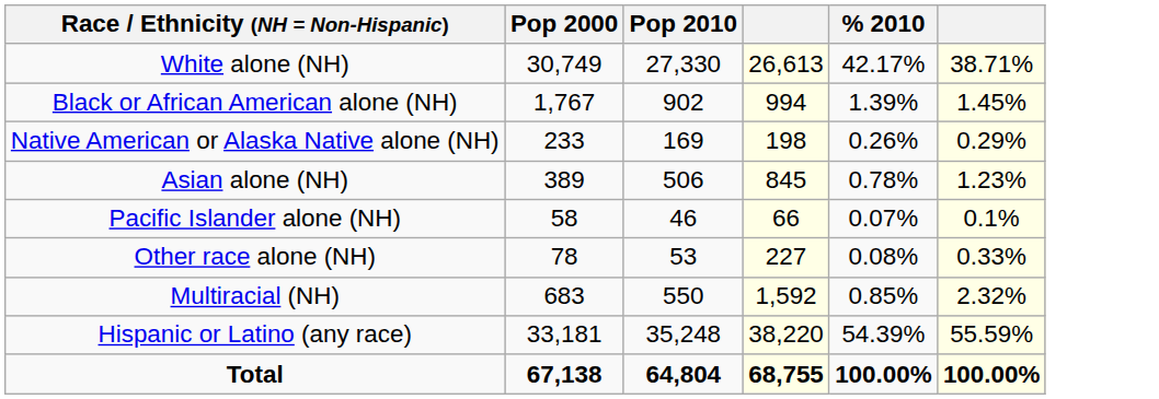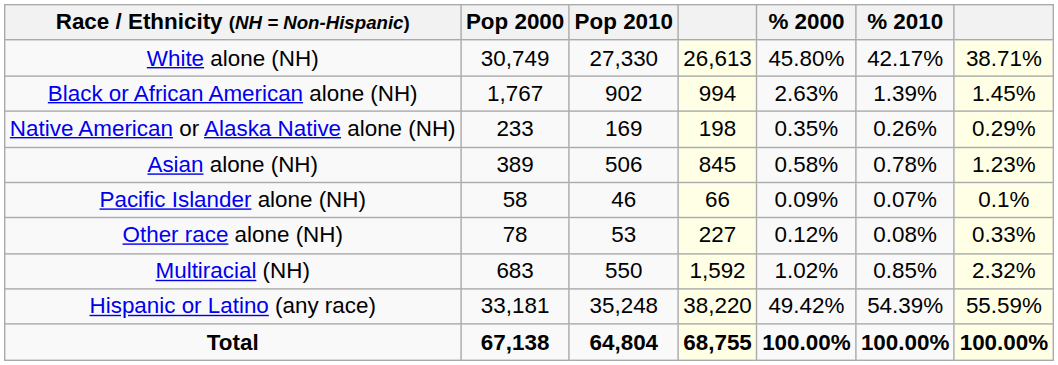 <table class="wikitable" style="text-align:center;">
 <tr>
 <th>Race / Ethnicity <small>(<em>NH = Non-Hispanic</em>)</small></th>
 <th>Pop 2000</th>
 <th>Pop 2010</th>
 <th></th>
+<th>% 2000</th>
 <th>% 2010</th>
 <th></th>
 </tr>
 <tr>
 <td><a href='#'>White</a> alone (NH)</td>
 <td>30,749</td>
 <td>27,330</td>
 <td style='background: #ffffe6;'>26,613</td>
+<td>45.80%</td>
 <td>42.17%</td>
 <td style='background: #ffffe6;'>38.71%</td>
 </tr>
 <tr>
 <td><a href='#'>Black or African American</a> alone (NH)</td>
 <td>1,767</td>
 <td>902</td>
 <td style='background: #ffffe6;'>994</td>
+<td>2.63%</td>
 <td>1.39%</td>
 <td style='background: #ffffe6;'>1.45%</td>
 </tr>
 <tr>
 <td><a href='#'>Native American</a> or <a href='#'>Alaska Native</a> alone (NH)</td>
 <td>233</td>
 <td>169</td>
 <td style='background: #ffffe6;'>198</td>
+<td>0.35%</td>
 <td>0.26%</td>
 <td style='background: #ffffe6;'>0.29%</td>
 </tr>
 <tr>
 <td><a href='#'>Asian</a> alone (NH)</td>
 <td>389</td>
 <td>506</td>
 <td style='background: #ffffe6;'>845</td>
+<td>0.58%</td>
 <td>0.78%</td>
 <td style='background: #ffffe6;'>1.23%</td>
 </tr>
 <tr>
 <td><a href='#'>Pacific Islander</a> alone (NH)</td>
 <td>58</td>
 <td>46</td>
 <td style='background: #ffffe6;'>66</td>
+<td>0.09%</td>
 <td>0.07%</td>
 <td style='background: #ffffe6;'>0.1%</td>
 </tr>
 <tr>
 <td><a href='#'>Other race</a> alone (NH)</td>
 <td>78</td>
 <td>53</td>
 <td style='background: #ffffe6;'>227</td>
+<td>0.12%</td>
 <td>0.08%</td>
 <td style='background: #ffffe6;'>0.33%</td>
 </tr>
 <tr>
 <td><a href='#'>Multiracial</a> (NH)</td>
 <td>683</td>
 <td>550</td>
 <td style='background: #ffffe6;'>1,592</td>
+<td>1.02%</td>
 <td>0.85%</td>
 <td style='background: #ffffe6;'>2.32%</td>
 </tr>
 <tr>
 <td><a href='#'>Hispanic or Latino</a> (any race)</td>
 <td>33,181</td>
 <td>35,248</td>
 <td style='background: #ffffe6;'>38,220</td>
+<td>49.42%</td>
 <td>54.39%</td>
 <td style='background: #ffffe6;'>55.59%</td>
 </tr>
 <tr>
 <td><strong>Total</strong></td>
 <td><strong>67,138</strong></td>
 <td><strong>64,804</strong></td>
 <td style='background: #ffffe6;'><strong>68,755</strong></td>
 <td><strong>100.00%</strong></td>
+<td><strong>100.00%</strong></td>
 <td style='background: #ffffe6;'><strong>100.00%</strong></td>
 </tr>
 </table>
